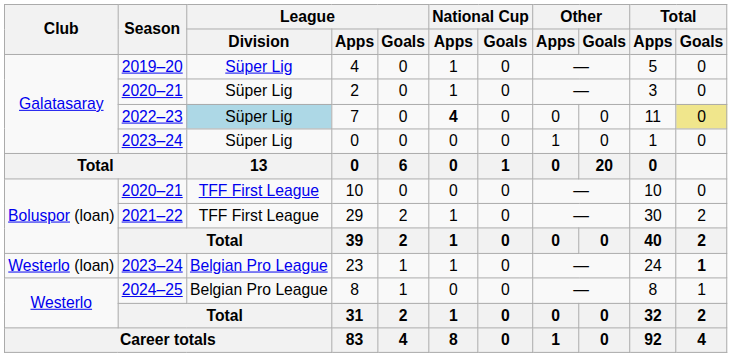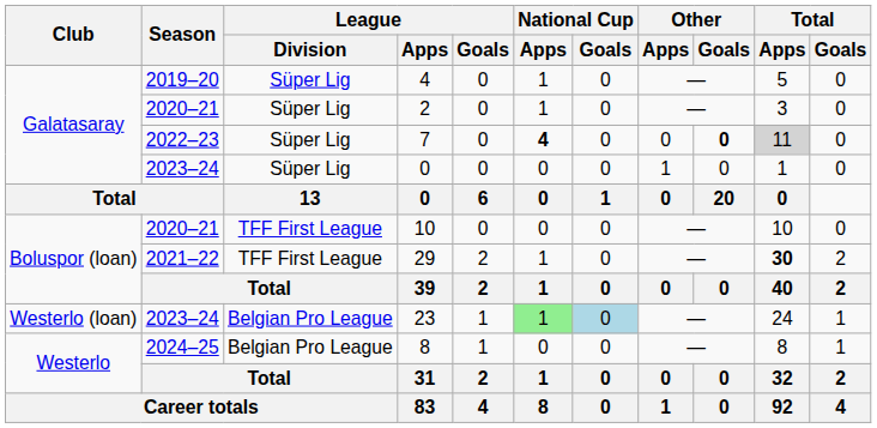 <table class="wikitable" style="text-align:center">
 <tr>
 <th rowspan="2">Club</th>
 <th rowspan="2">Season</th>
 <th colspan="3">League</th>
 <th colspan="2">National Cup</th>
 <th colspan="2">Other</th>
 <th colspan="2">Total</th>
 </tr>
 <tr>
 <th>Division</th>
 <th>Apps</th>
 <th>Goals</th>
 <th>Apps</th>
 <th>Goals</th>
 <th>Apps</th>
 <th>Goals</th>
 <th>Apps</th>
 <th>Goals</th>
 </tr>
 <tr>
 <td rowspan="4"><a href='#'>Galatasaray</a></td>
 <td><a href='#'>2019–20</a></td>
 <td><a href='#'>Süper Lig</a></td>
 <td>4</td>
 <td>0</td>
 <td>1</td>
 <td>0</td>
 <td colspan="2">—</td>
 <td>5</td>
 <td>0</td>
 </tr>
 <tr>
 <td><a href='#'>2020–21</a></td>
 <td>Süper Lig</td>
 <td>2</td>
 <td>0</td>
 <td>1</td>
 <td>0</td>
 <td colspan="2">—</td>
 <td>3</td>
 <td>0</td>
 </tr>
 <tr>
 <td><a href='#'>2022–23</a></td>
-<td style="background: lightblue;">Süper Lig</td>
+<td>Süper Lig</td>
 <td>7</td>
 <td>0</td>
 <td><strong>4</strong></td>
 <td>0</td>
 <td>0</td>
+<td><strong>0</strong></td>
+<td style="background: lightgrey;">11</td>
 <td>0</td>
-<td>11</td>
-<td style="background: khaki;">0</td>
 </tr>
 <tr>
 <td><a href='#'>2023–24</a></td>
 <td>Süper Lig</td>
 <td>0</td>
 <td>0</td>
 <td>0</td>
 <td>0</td>
 <td>1</td>
 <td>0</td>
 <td>1</td>
 <td>0</td>
 </tr>
 <tr>
 <th colspan="2">Total</th>
 <th>13</th>
 <th>0</th>
 <th>6</th>
 <th>0</th>
 <th>1</th>
 <th>0</th>
 <th>20</th>
 <th>0</th>
 </tr>
 <tr>
 <td rowspan="3"><a href='#'>Boluspor</a> (loan)</td>
 <td><a href='#'>2020–21</a></td>
 <td><a href='#'>TFF First League</a></td>
 <td>10</td>
 <td>0</td>
 <td>0</td>
 <td>0</td>
 <td colspan="2">—</td>
 <td>10</td>
 <td>0</td>
 </tr>
 <tr>
 <td><a href='#'>2021–22</a></td>
 <td>TFF First League</td>
 <td>29</td>
 <td>2</td>
 <td>1</td>
 <td>0</td>
 <td colspan="2">—</td>
-<td>30</td>
+<td><strong>30</strong></td>
 <td>2</td>
 </tr>
 <tr>
 <th colspan="2">Total</th>
 <th>39</th>
 <th>2</th>
 <th>1</th>
 <th>0</th>
 <th>0</th>
 <th>0</th>
 <th>40</th>
 <th>2</th>
 </tr>
 <tr>
 <td><a href='#'>Westerlo</a> (loan)</td>
 <td><a href='#'>2023–24</a></td>
 <td><a href='#'>Belgian Pro League</a></td>
 <td>23</td>
 <td>1</td>
-<td>1</td>
-<td>0</td>
+<td style="background: lightgreen;">1</td>
+<td style="background: lightblue;">0</td>
 <td colspan="2">—</td>
 <td>24</td>
-<td><strong>1</strong></td>
+<td>1</td>
 </tr>
 <tr>
 <td rowspan="2"><a href='#'>Westerlo</a></td>
 <td><a href='#'>2024–25</a></td>
 <td>Belgian Pro League</td>
 <td>8</td>
 <td>1</td>
 <td>0</td>
 <td>0</td>
 <td colspan="2">—</td>
 <td>8</td>
 <td>1</td>
 </tr>
 <tr>
 <th colspan="2">Total</th>
 <th>31</th>
 <th>2</th>
 <th>1</th>
 <th>0</th>
 <th>0</th>
 <th>0</th>
 <th>32</th>
 <th>2</th>
 </tr>
 <tr>
 <th colspan="3">Career totals</th>
 <th>83</th>
 <th>4</th>
 <th>8</th>
 <th>0</th>
 <th>1</th>
 <th>0</th>
 <th>92</th>
 <th>4</th>
 </tr>
 </table>
